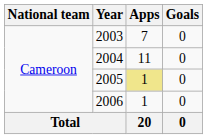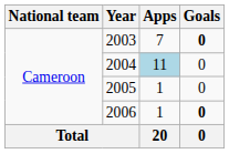 <table class="wikitable" style="text-align:center">
 <tr>
 <th>National team</th>
 <th>Year</th>
 <th>Apps</th>
 <th>Goals</th>
 </tr>
 <tr>
 <td rowspan="4"><a href='#'>Cameroon</a></td>
 <td>2003</td>
 <td>7</td>
-<td>0</td>
+<td><strong>0</strong></td>
 </tr>
 <tr>
 <td>2004</td>
-<td>11</td>
+<td style="background: lightblue;">11</td>
 <td>0</td>
 </tr>
 <tr>
 <td>2005</td>
-<td style="background: khaki;">1</td>
+<td>1</td>
 <td>0</td>
 </tr>
 <tr>
 <td>2006</td>
 <td>1</td>
-<td>0</td>
+<td><strong>0</strong></td>
 </tr>
 <tr>
 <th colspan="2">Total</th>
 <th>20</th>
 <th>0</th>
 </tr>
 </table>
